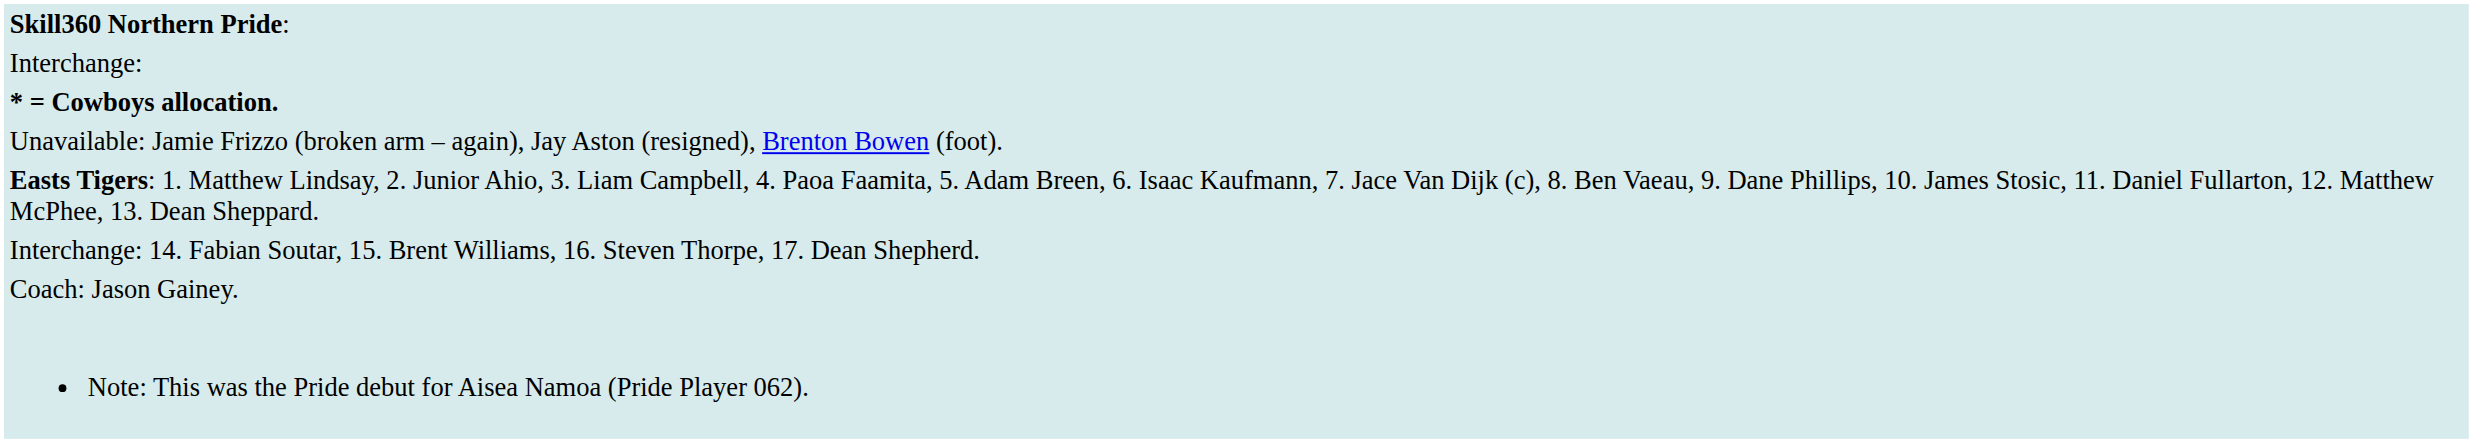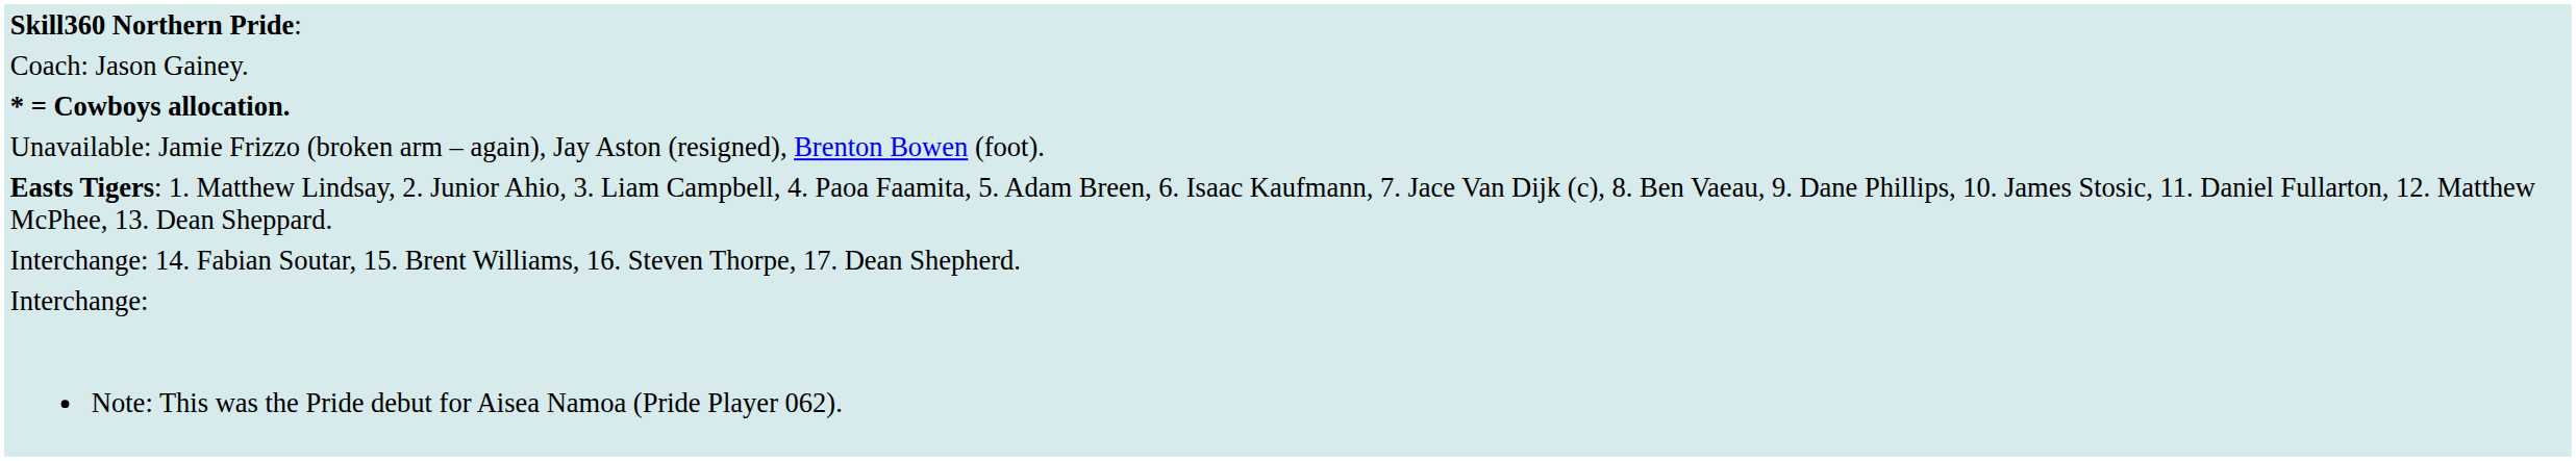 <table style="background:#d7ebed; font-size:85%; width:100%;">
 <tr>
 <td><strong>Skill360 Northern Pride</strong>:            </td>
 </tr>
 <tr>
-<td>Interchange:    </td>
+<td>Coach: Jason Gainey.</td>
 </tr>
 <tr>
 <td><strong>* = Cowboys allocation.</strong></td>
 </tr>
 <tr>
 <td>Unavailable: Jamie Frizzo (broken arm – again), Jay Aston (resigned), <a href='#'>Brenton Bowen</a> (foot).</td>
 </tr>
 <tr>
 <td><strong>Easts Tigers</strong>: 1. Matthew Lindsay, 2. Junior Ahio, 3. Liam Campbell, 4. Paoa Faamita, 5. Adam Breen, 6. Isaac Kaufmann, 7. Jace Van Dijk (c), 8. Ben Vaeau, 9. Dane Phillips, 10. James Stosic, 11. Daniel Fullarton, 12. Matthew McPhee, 13. Dean Sheppard.</td>
 </tr>
 <tr>
 <td>Interchange: 14. Fabian Soutar, 15. Brent Williams, 16. Steven Thorpe, 17. Dean Shepherd.</td>
 </tr>
 <tr>
-<td>Coach: Jason Gainey.</td>
+<td>Interchange:    </td>
 </tr>
 <tr>
 <td><br><ul><li>Note: This was the Pride debut for Aisea Namoa (Pride Player 062).</li></ul></td>
 </tr>
 <tr>
 </tr>
 </table>
